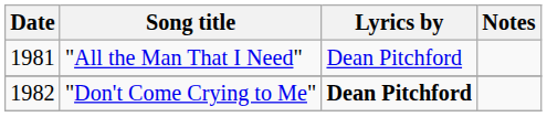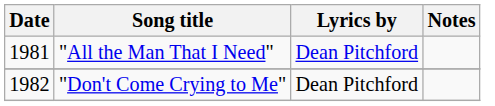 <table class="wikitable sortable">
 <tr>
 <th scope="col">Date</th>
 <th scope="col">Song title</th>
 <th scope="col">Lyrics by</th>
 <th scope="col" class="unsortable">Notes</th>
 </tr>
 <tr>
 <td>1981</td>
 <td>"<a href='#'>All the Man That I Need</a>"</td>
 <td><a href='#'>Dean Pitchford</a></td>
 <td></td>
 </tr>
 <tr later a hit for >
 </tr>
 <tr>
 <td>1982</td>
 <td>"<a href='#'>Don't Come Crying to Me</a>"</td>
-<td><strong>Dean Pitchford</strong></td>
+<td>Dean Pitchford</td>
 <td></td>
 </tr>
 <tr>
 </tr>
 </table>
